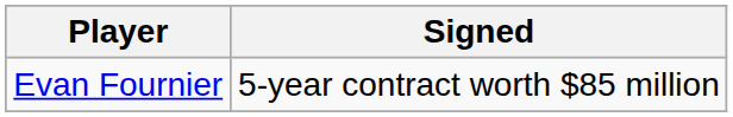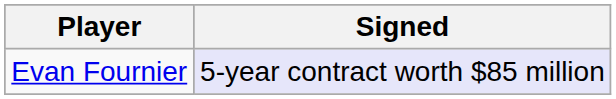 <table class="wikitable sortable sortable">
 <tr>
 <th>Player</th>
 <th>Signed</th>
 </tr>
 <tr style="text-align: center">
 <td><a href='#'>Evan Fournier</a></td>
-<td>5-year contract worth $85 million</td>
+<td style="background: lavender;">5-year contract worth $85 million</td>
 </tr>
 </table>
